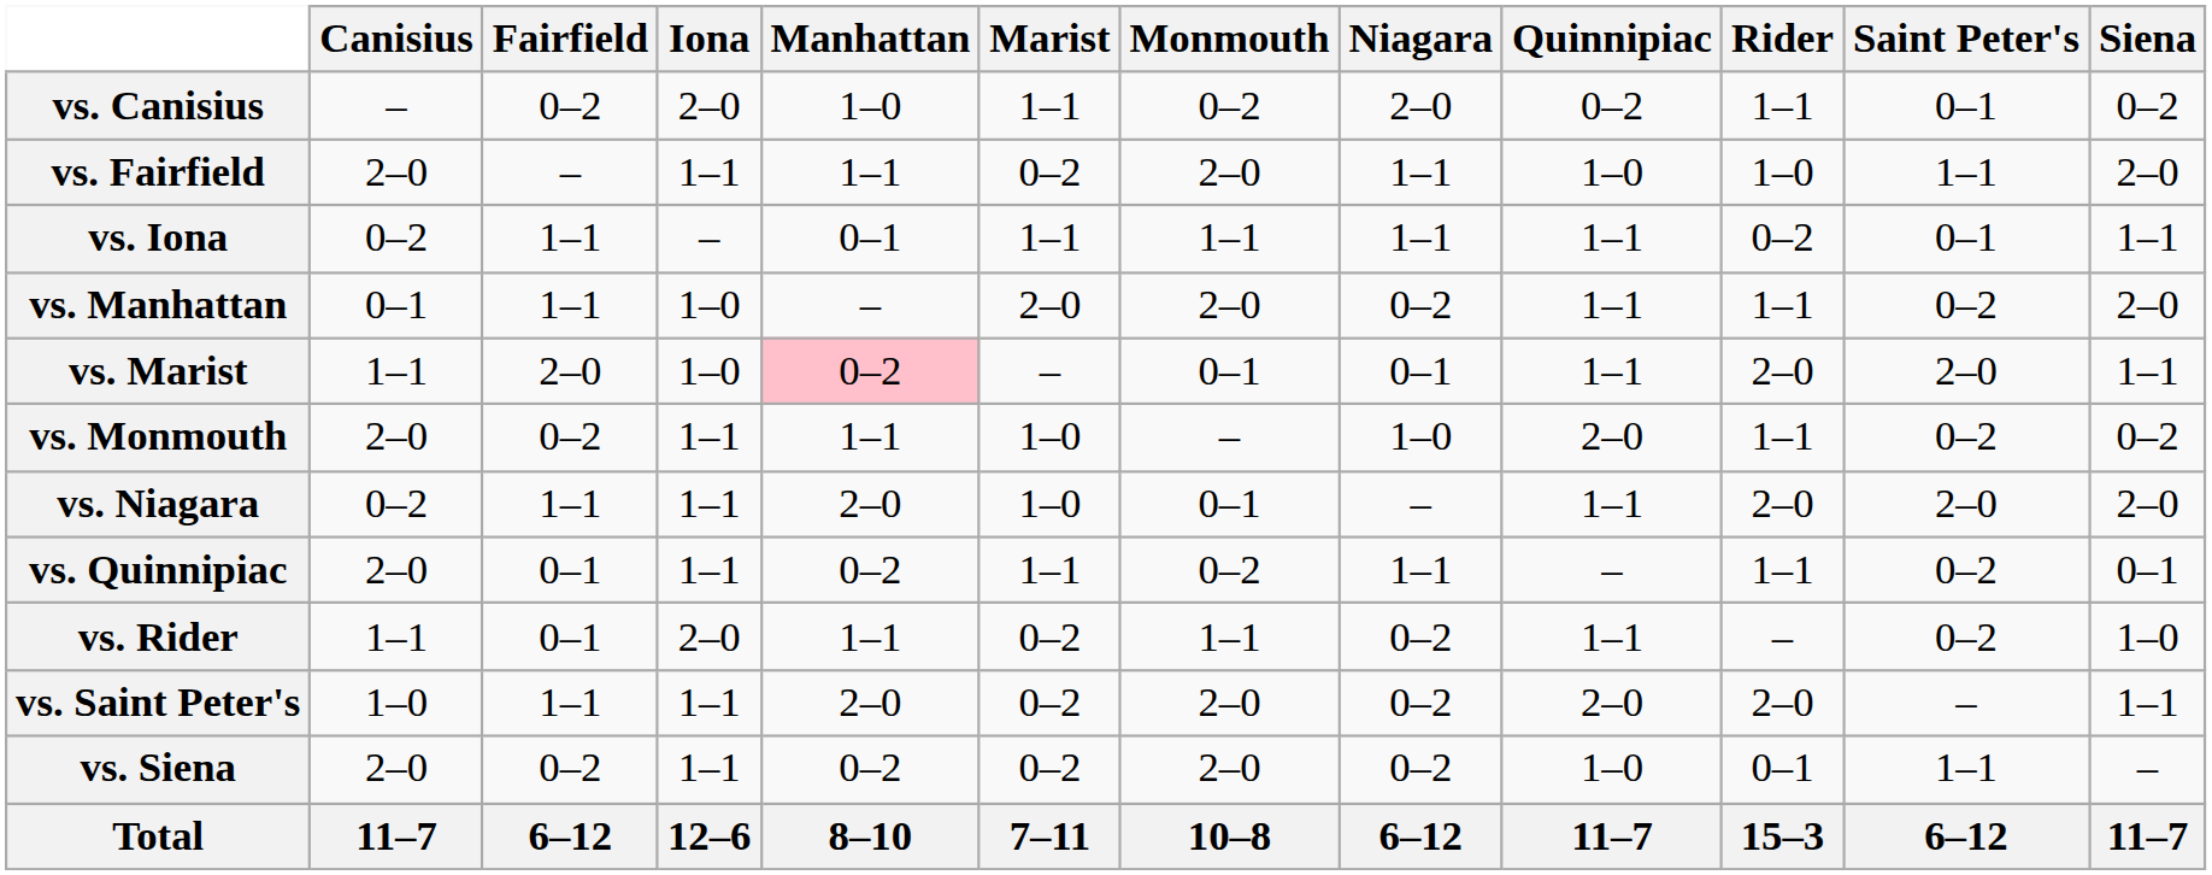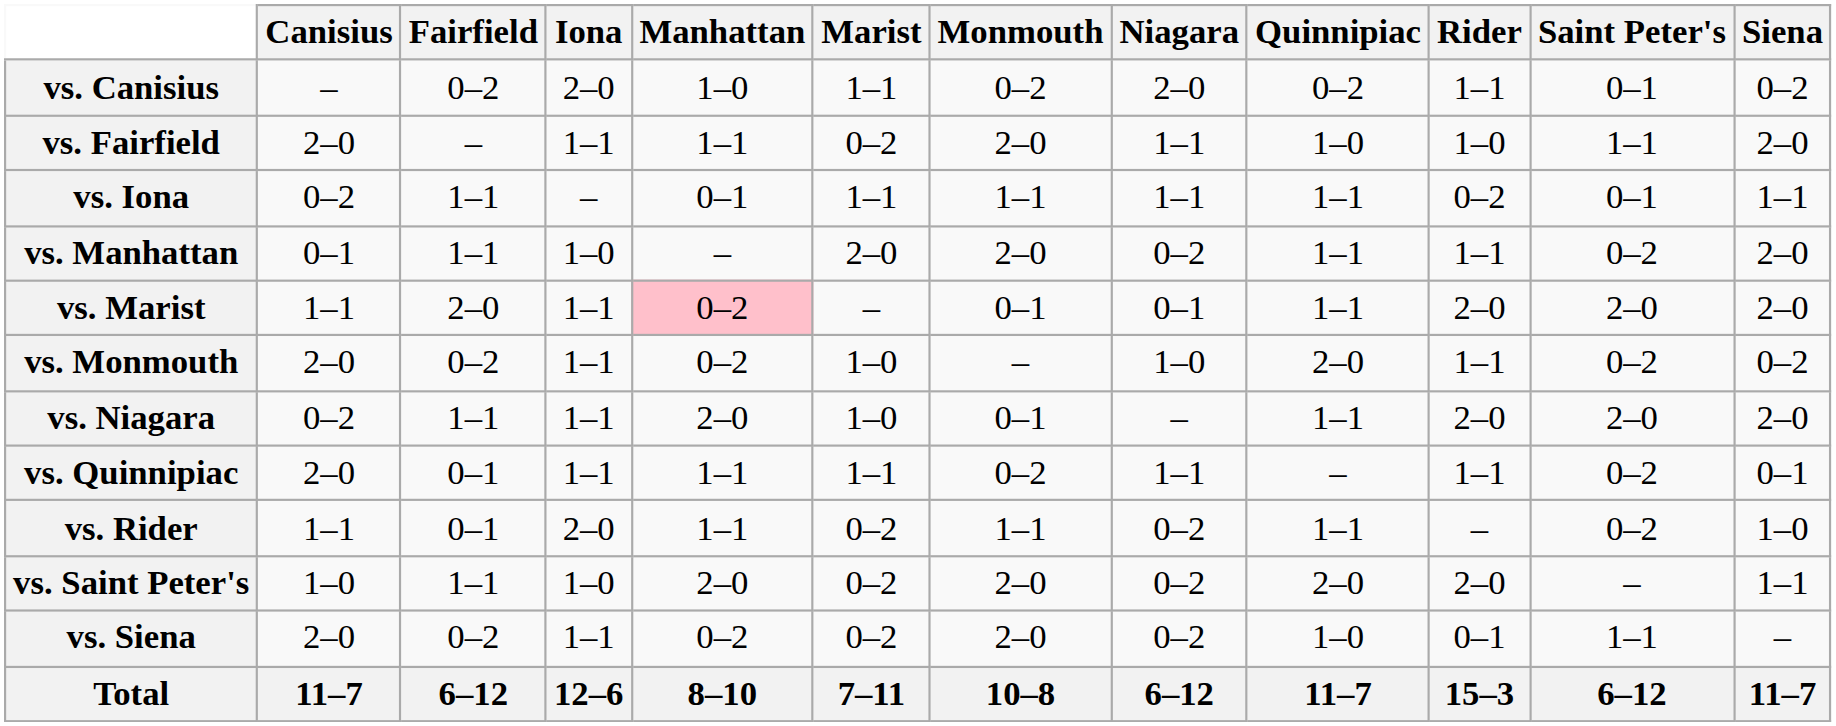 <table class="wikitable" style="white-space:nowrap;">
 <tr>
 <th colspan=1 style="background:white; border-top-style:hidden; border-left-style:hidden;"   width=75> </th>
 <th>Canisius</th>
 <th>Fairfield</th>
 <th>Iona</th>
 <th>Manhattan</th>
 <th>Marist</th>
 <th>Monmouth</th>
 <th>Niagara</th>
 <th>Quinnipiac</th>
 <th>Rider</th>
 <th>Saint Peter's</th>
 <th>Siena</th>
 </tr>
 <tr style="text-align:center;">
 <th>vs. Canisius</th>
 <td>–</td>
 <td>0–2</td>
 <td>2–0</td>
 <td>1–0</td>
 <td>1–1</td>
 <td>0–2</td>
 <td>2–0</td>
 <td>0–2</td>
 <td>1–1</td>
 <td>0–1</td>
 <td>0–2</td>
 </tr>
 <tr style="text-align:center;">
 <th>vs. Fairfield</th>
 <td>2–0</td>
 <td>–</td>
 <td>1–1</td>
 <td>1–1</td>
 <td>0–2</td>
 <td>2–0</td>
 <td>1–1</td>
 <td>1–0</td>
 <td>1–0</td>
 <td>1–1</td>
 <td>2–0</td>
 </tr>
 <tr style="text-align:center;">
 <th>vs. Iona</th>
 <td>0–2</td>
 <td>1–1</td>
 <td>–</td>
 <td>0–1</td>
 <td>1–1</td>
 <td>1–1</td>
 <td>1–1</td>
 <td>1–1</td>
 <td>0–2</td>
 <td>0–1</td>
 <td>1–1</td>
 </tr>
 <tr style="text-align:center;">
 <th>vs. Manhattan</th>
 <td>0–1</td>
 <td>1–1</td>
 <td>1–0</td>
 <td>–</td>
 <td>2–0</td>
 <td>2–0</td>
 <td>0–2</td>
 <td>1–1</td>
 <td>1–1</td>
 <td>0–2</td>
 <td>2–0</td>
 </tr>
 <tr style="text-align:center;">
 <th>vs. Marist</th>
 <td>1–1</td>
 <td>2–0</td>
-<td>1–0</td>
+<td>1–1</td>
 <td style="background: pink;">0–2</td>
 <td>–</td>
 <td>0–1</td>
 <td>0–1</td>
 <td>1–1</td>
 <td>2–0</td>
 <td>2–0</td>
-<td>1–1</td>
+<td>2–0</td>
 </tr>
 <tr style="text-align:center;">
 <th>vs. Monmouth</th>
 <td>2–0</td>
 <td>0–2</td>
 <td>1–1</td>
-<td>1–1</td>
+<td>0–2</td>
 <td>1–0</td>
 <td>–</td>
 <td>1–0</td>
 <td>2–0</td>
 <td>1–1</td>
 <td>0–2</td>
 <td>0–2</td>
 </tr>
 <tr style="text-align:center;">
 <th>vs. Niagara</th>
 <td>0–2</td>
 <td>1–1</td>
 <td>1–1</td>
 <td>2–0</td>
 <td>1–0</td>
 <td>0–1</td>
 <td>–</td>
 <td>1–1</td>
 <td>2–0</td>
 <td>2–0</td>
 <td>2–0</td>
 </tr>
 <tr style="text-align:center;">
 <th>vs. Quinnipiac</th>
 <td>2–0</td>
 <td>0–1</td>
 <td>1–1</td>
-<td>0–2</td>
+<td>1–1</td>
 <td>1–1</td>
 <td>0–2</td>
 <td>1–1</td>
 <td>–</td>
 <td>1–1</td>
 <td>0–2</td>
 <td>0–1</td>
 </tr>
 <tr style="text-align:center;">
 <th>vs. Rider</th>
 <td>1–1</td>
 <td>0–1</td>
 <td>2–0</td>
 <td>1–1</td>
 <td>0–2</td>
 <td>1–1</td>
 <td>0–2</td>
 <td>1–1</td>
 <td>–</td>
 <td>0–2</td>
 <td>1–0</td>
 </tr>
 <tr style="text-align:center;">
 <th>vs. Saint Peter's</th>
 <td>1–0</td>
 <td>1–1</td>
-<td>1–1</td>
+<td>1–0</td>
 <td>2–0</td>
 <td>0–2</td>
 <td>2–0</td>
 <td>0–2</td>
 <td>2–0</td>
 <td>2–0</td>
 <td>–</td>
 <td>1–1</td>
 </tr>
 <tr style="text-align:center;">
 <th>vs. Siena</th>
 <td>2–0</td>
 <td>0–2</td>
 <td>1–1</td>
 <td>0–2</td>
 <td>0–2</td>
 <td>2–0</td>
 <td>0–2</td>
 <td>1–0</td>
 <td>0–1</td>
 <td>1–1</td>
 <td>–<br></td>
 </tr>
 <tr style="text-align:center;">
 <th>Total</th>
 <th>11–7</th>
 <th>6–12</th>
 <th>12–6</th>
 <th>8–10</th>
 <th>7–11</th>
 <th>10–8</th>
 <th>6–12</th>
 <th>11–7</th>
 <th>15–3</th>
 <th>6–12</th>
 <th>11–7</th>
 </tr>
 </table>
